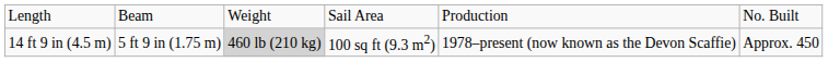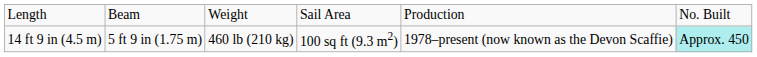 <table class="wikitable">
 <tr>
 <td>Length</td>
 <td>Beam</td>
 <td>Weight</td>
 <td>Sail Area</td>
 <td>Production</td>
 <td>No. Built</td>
 </tr>
 <tr>
 <td>14 ft 9 in (4.5 m)</td>
 <td>5 ft 9 in (1.75 m)</td>
-<td style="background: lightgrey;">460 lb (210 kg)</td>
+<td>460 lb (210 kg)</td>
 <td>100 sq ft (9.3 m<sup>2</sup>)</td>
 <td>1978–present (now known as the Devon Scaffie)</td>
-<td>Approx. 450</td>
+<td style="background: paleturquoise;">Approx. 450</td>
 </tr>
 </table>
